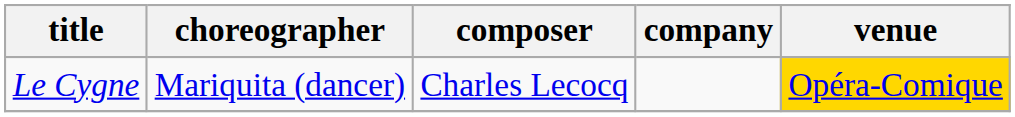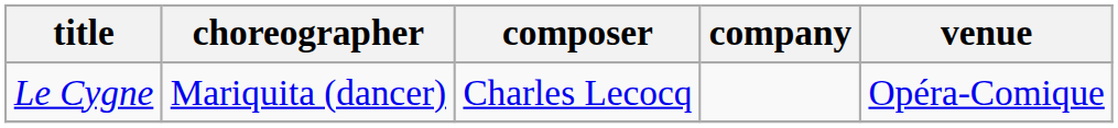 <table class="wikitable">
 <tr>
 <th>title</th>
 <th>choreographer</th>
 <th>composer</th>
 <th>company</th>
 <th>venue</th>
 </tr>
 <tr>
 <td><em><a href='#'> Le Cygne</a></em></td>
 <td><a href='#'>Mariquita (dancer)</a></td>
 <td><a href='#'>Charles Lecocq</a></td>
 <td></td>
-<td style="background: gold;"><a href='#'>Opéra-Comique</a></td>
+<td><a href='#'>Opéra-Comique</a></td>
 </tr>
 <tr>
 </tr>
 </table>
